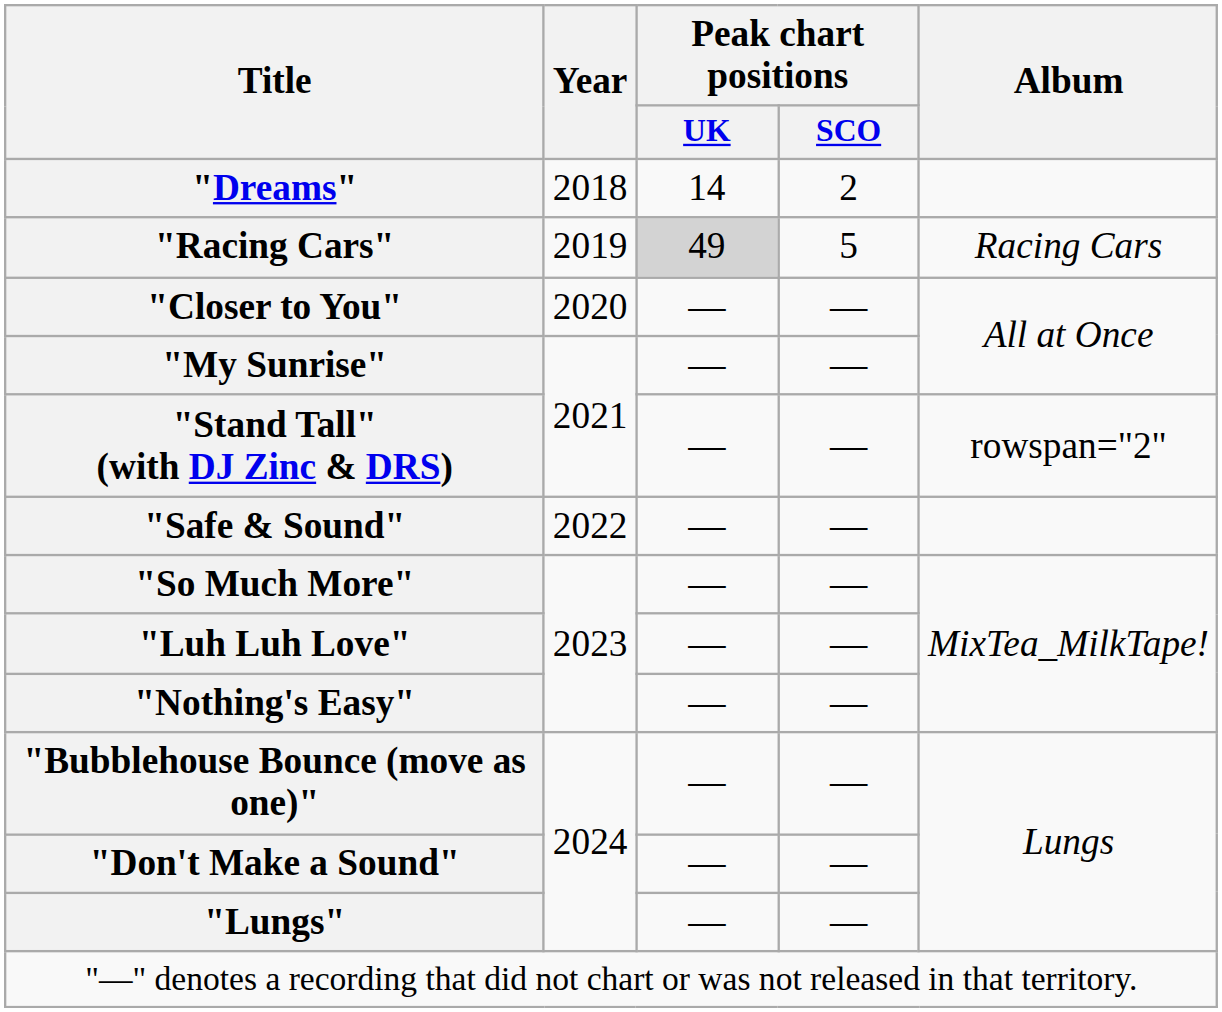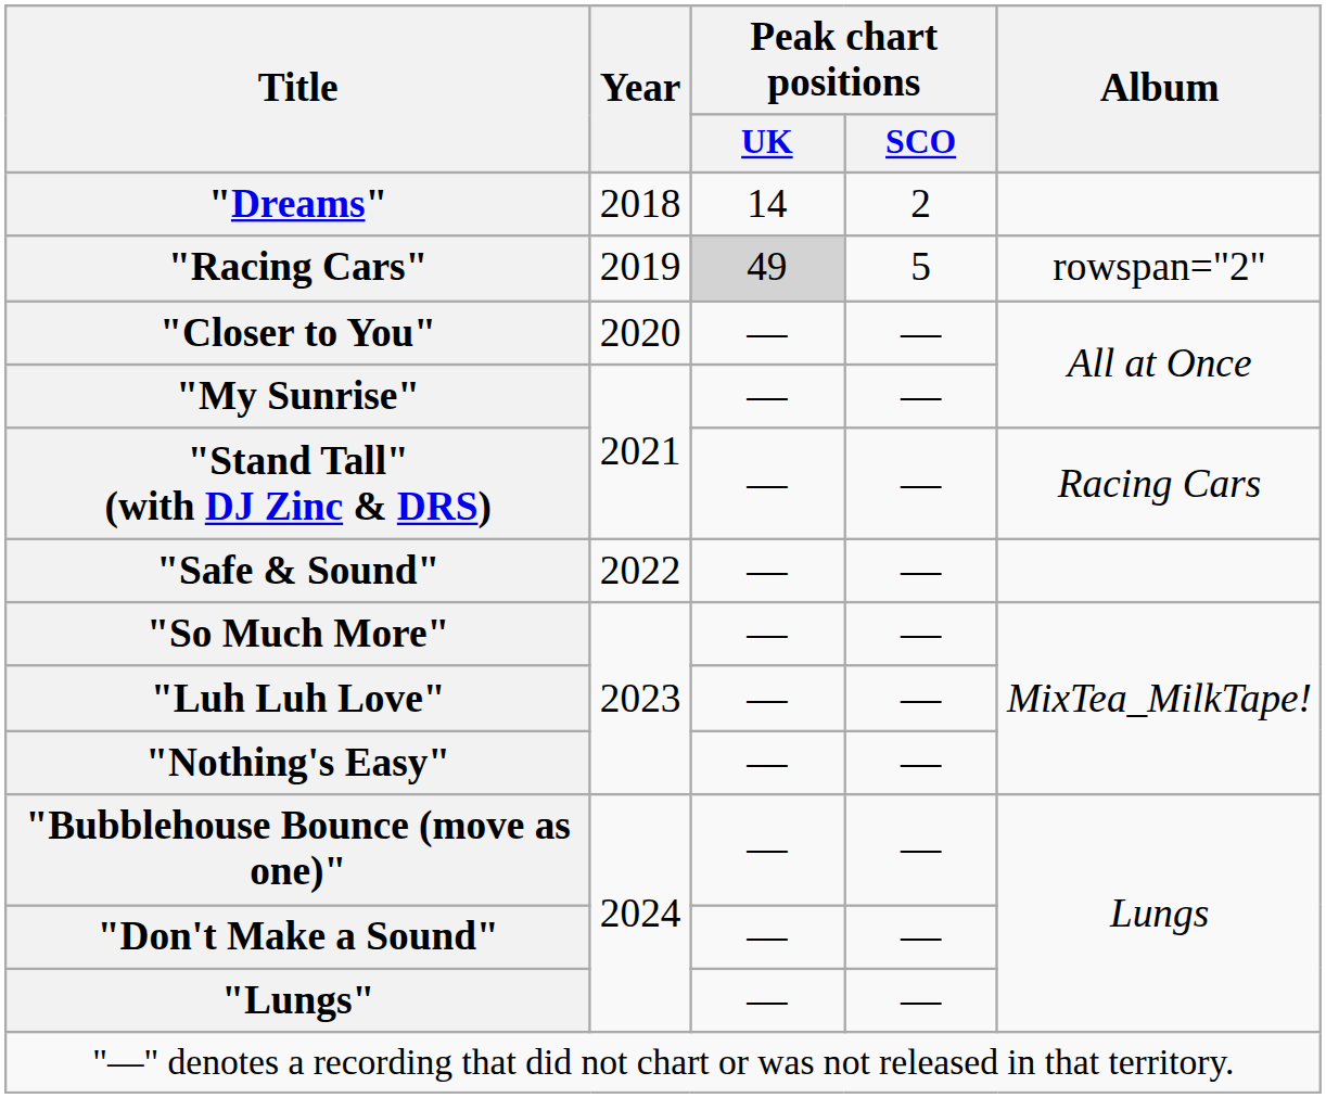 <table class="wikitable plainrowheaders" style="text-align:center;" border="1">
 <tr>
 <th scope="col" rowspan="2" style="width:14em;">Title</th>
 <th scope="col" rowspan="2" style="width:1em;">Year</th>
 <th scope="col" colspan="2">Peak chart positions</th>
 <th scope="col" rowspan="2">Album</th>
 </tr>
 <tr>
 <th scope="col" style="width:4em;font-size:85%;"><a href='#'>UK</a><br></th>
 <th scope="col" style="width:4em;font-size:85%;"><a href='#'>SCO</a><br></th>
 </tr>
 <tr>
 <th scope="row">"<a href='#'>Dreams</a>"</th>
 <td>2018</td>
 <td>14</td>
 <td>2</td>
 <td></td>
 </tr>
 <tr>
 <th scope="row">"Racing Cars"</th>
 <td>2019</td>
 <td style="background: lightgrey;">49</td>
 <td>5</td>
-<td><em>Racing Cars</em></td>
+<td>rowspan="2" </td>
 </tr>
 <tr>
 <th scope="row">"Closer to You"</th>
 <td>2020</td>
 <td>—</td>
 <td>—</td>
 <td rowspan="2"><em>All at Once</em></td>
 </tr>
 <tr>
 <th scope="row">"My Sunrise"</th>
 <td rowspan="2">2021</td>
 <td>—</td>
 <td>—</td>
 </tr>
 <tr>
 <th scope="row">"Stand Tall"<br><span>(with <a href='#'>DJ Zinc</a> & <a href='#'>DRS</a>)</span></th>
 <td>—</td>
 <td>—</td>
-<td>rowspan="2" </td>
+<td><em>Racing Cars</em></td>
 </tr>
 <tr>
 <th scope="row">"Safe & Sound"</th>
 <td>2022</td>
 <td>—</td>
 <td>—</td>
 </tr>
 <tr>
 <th scope="row">"So Much More"</th>
 <td rowspan="3">2023</td>
 <td>—</td>
 <td>—</td>
 <td rowspan="3"><em>MixTea_MilkTape!</em></td>
 </tr>
 <tr>
 <th scope="row">"Luh Luh Love"</th>
 <td>—</td>
 <td>—</td>
 </tr>
 <tr>
 <th scope="row">"Nothing's Easy"</th>
 <td>—</td>
 <td>—</td>
 </tr>
 <tr>
 <th scope="row">"Bubblehouse Bounce (move as one)"</th>
 <td rowspan="3">2024</td>
 <td>—</td>
 <td>—</td>
 <td rowspan="3"><em>Lungs</em></td>
 </tr>
 <tr>
 <th scope="row">"Don't Make a Sound"</th>
 <td>—</td>
 <td>—</td>
 </tr>
 <tr>
 <th scope="row">"Lungs"</th>
 <td>—</td>
 <td>—</td>
 </tr>
 <tr>
 <td colspan="5" style="font-size:90%">"—" denotes a recording that did not chart or was not released in that territory.</td>
 </tr>
 </table>
